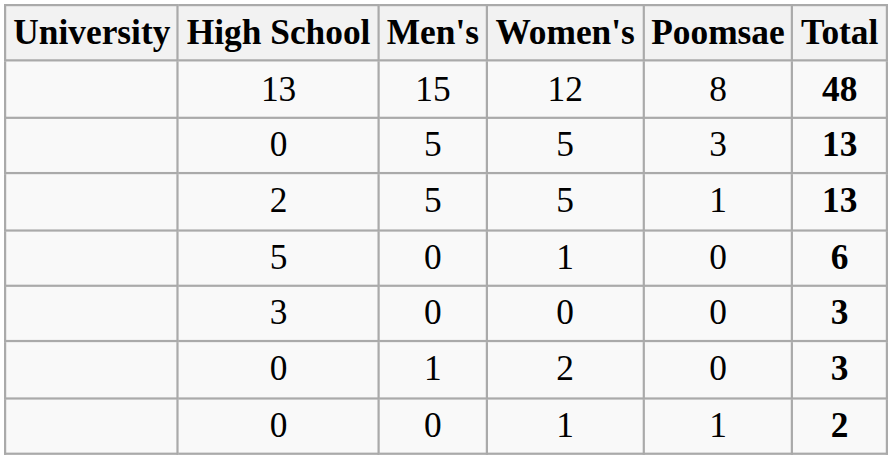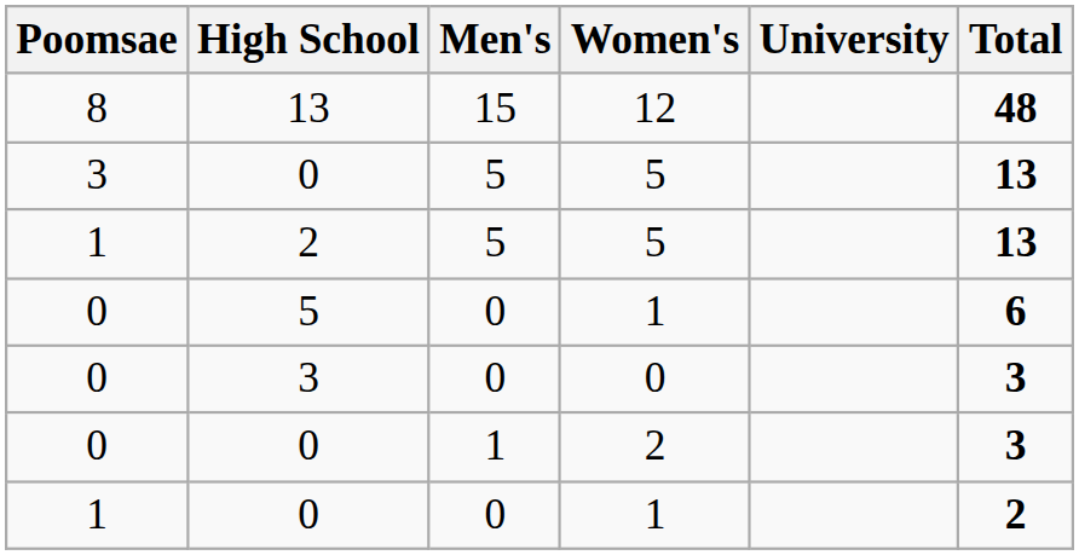 <table class="wikitable">
 <tr>
-<th>University</th>
+<th>Poomsae</th>
 <th>High School</th>
 <th>Men's</th>
 <th>Women's</th>
-<th>Poomsae</th>
+<th>University</th>
 <th>Total</th>
 </tr>
 <tr align="center">
-<td align="left"><strong></strong></td>
+<td>8</td>
 <td>13</td>
 <td>15</td>
 <td>12</td>
-<td>8</td>
+<td align="left"><strong></strong></td>
 <td><strong>48</strong></td>
 </tr>
 <tr align="center">
-<td align="left"><strong></strong></td>
+<td>3</td>
 <td>0</td>
 <td>5</td>
 <td>5</td>
-<td>3</td>
+<td align="left"><strong></strong></td>
 <td><strong>13</strong></td>
 </tr>
 <tr align="center">
-<td align="left"><strong></strong></td>
+<td>1</td>
 <td>2</td>
 <td>5</td>
 <td>5</td>
-<td>1</td>
+<td align="left"><strong></strong></td>
 <td><strong>13</strong></td>
 </tr>
 <tr align="center">
-<td align="left"><strong></strong></td>
+<td>0</td>
 <td>5</td>
 <td>0</td>
 <td>1</td>
-<td>0</td>
+<td align="left"><strong></strong></td>
 <td><strong>6</strong></td>
 </tr>
 <tr align="center">
-<td align="left"><strong></strong></td>
+<td>0</td>
 <td>3</td>
 <td>0</td>
 <td>0</td>
-<td>0</td>
+<td align="left"><strong></strong></td>
 <td><strong>3</strong></td>
 </tr>
 <tr align="center">
-<td align="left"><strong></strong></td>
+<td>0</td>
 <td>0</td>
 <td>1</td>
 <td>2</td>
-<td>0</td>
+<td align="left"><strong></strong></td>
 <td><strong>3</strong></td>
 </tr>
 <tr align="center">
-<td align="left"><strong></strong></td>
+<td>1</td>
 <td>0</td>
 <td>0</td>
 <td>1</td>
-<td>1</td>
+<td align="left"><strong></strong></td>
 <td><strong>2</strong></td>
 </tr>
 </table>
